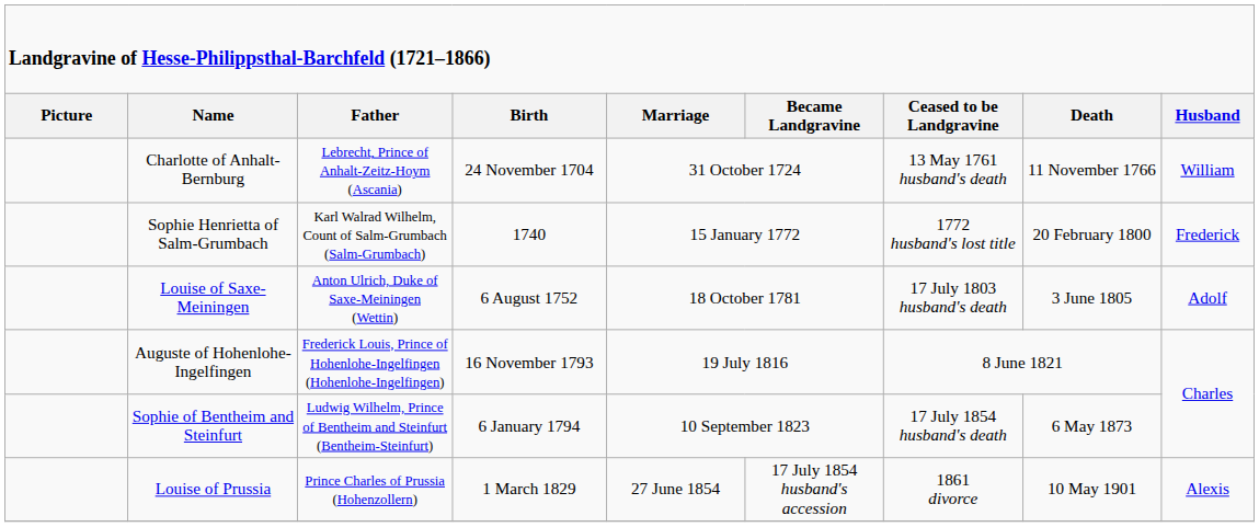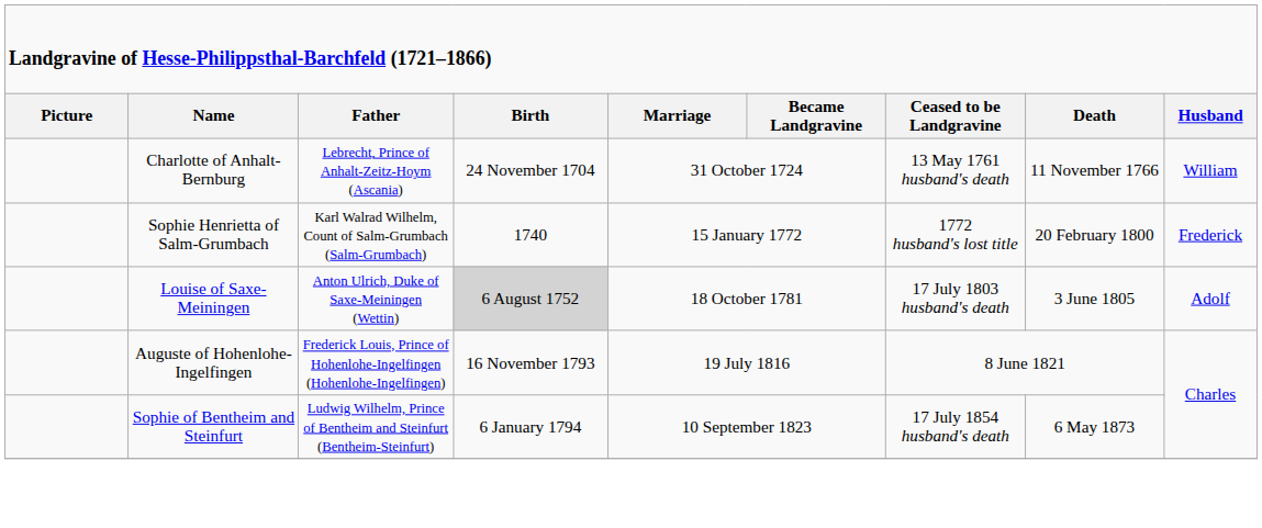 <table width=95% class="wikitable">
 <tr>
 <td colspan="9"><br><h3>Landgravine of <a href='#'>Hesse-Philippsthal-Barchfeld</a> (1721–1866)</h3></td>
 </tr>
 <tr>
 <th width = "8%">Picture</th>
 <th width = "11%">Name</th>
 <th width = "10%">Father</th>
 <th width = "10%">Birth</th>
 <th width = "9%">Marriage</th>
 <th width = "9%">Became Landgravine</th>
 <th width = "9%">Ceased to be Landgravine</th>
 <th width = "9%">Death</th>
 <th width = "6%"><a href='#'>Husband</a></th>
 </tr>
 <tr>
 <td align="center"></td>
 <td align="center">Charlotte of Anhalt-Bernburg</td>
 <td align="center"><small><a href='#'>Lebrecht, Prince of Anhalt-Zeitz-Hoym</a><br>(<a href='#'>Ascania</a>)</small></td>
 <td align="center">24 November 1704</td>
 <td align="center" colspan="2">31 October 1724</td>
 <td align="center">13 May 1761<br><em>husband's death</em></td>
 <td align="center">11 November 1766</td>
 <td align="center"><a href='#'>William</a></td>
 </tr>
 <tr>
 <td align="center"></td>
 <td align="center">Sophie Henrietta of Salm-Grumbach</td>
 <td align="center"><small>Karl Walrad Wilhelm, Count of Salm-Grumbach<br>(<a href='#'>Salm-Grumbach</a>)</small></td>
 <td align="center">1740</td>
 <td align="center" colspan="2">15 January 1772</td>
 <td align="center">1772<br><em>husband's lost title</em></td>
 <td align="center">20 February 1800</td>
 <td align="center"><a href='#'>Frederick</a></td>
 </tr>
 <tr>
 <td align="center"></td>
 <td align="center"><a href='#'>Louise of Saxe-Meiningen</a></td>
 <td align="center"><small><a href='#'>Anton Ulrich, Duke of Saxe-Meiningen</a><br>(<a href='#'>Wettin</a>)</small></td>
-<td align="center">6 August 1752</td>
+<td align="center" style="background: lightgrey;">6 August 1752</td>
 <td align="center" colspan="2">18 October 1781</td>
 <td align="center">17 July 1803<br><em>husband's death</em></td>
 <td align="center">3 June 1805</td>
 <td align="center"><a href='#'>Adolf</a></td>
 </tr>
 <tr>
 <td align="center"></td>
 <td align="center">Auguste of Hohenlohe-Ingelfingen</td>
 <td align="center"><small><a href='#'>Frederick Louis, Prince of Hohenlohe-Ingelfingen</a><br> (<a href='#'>Hohenlohe-Ingelfingen</a>)</small></td>
 <td align="center">16 November 1793</td>
 <td align="center" colspan="2">19 July 1816</td>
 <td align="center" colspan="2">8 June 1821</td>
 <td align="center" rowspan="2"><a href='#'>Charles</a></td>
 </tr>
 <tr>
 <td align="center"></td>
 <td align="center"><a href='#'>Sophie of Bentheim and Steinfurt</a></td>
 <td align="center"><small><a href='#'>Ludwig Wilhelm, Prince of Bentheim and Steinfurt</a><br>(<a href='#'>Bentheim-Steinfurt</a>)</small></td>
 <td align="center">6 January 1794</td>
 <td align="center" colspan="2">10 September 1823</td>
 <td align="center">17 July 1854<br><em>husband's death</em></td>
 <td align="center">6 May 1873</td>
 </tr>
 <tr>
-<td align="center"></td>
-<td align="center"><a href='#'>Louise of Prussia</a></td>
-<td align="center"><small><a href='#'>Prince Charles of Prussia</a><br>(<a href='#'>Hohenzollern</a>)</small></td>
-<td align="center">1 March 1829</td>
-<td align="center">27 June 1854</td>
-<td align="center">17 July 1854<br><em>husband's accession</em></td>
-<td align="center">1861<br><em>divorce</em></td>
-<td align="center">10 May 1901</td>
-<td align="center"><a href='#'>Alexis</a></td>
-</tr>
-<tr>
 </tr>
 </table>
